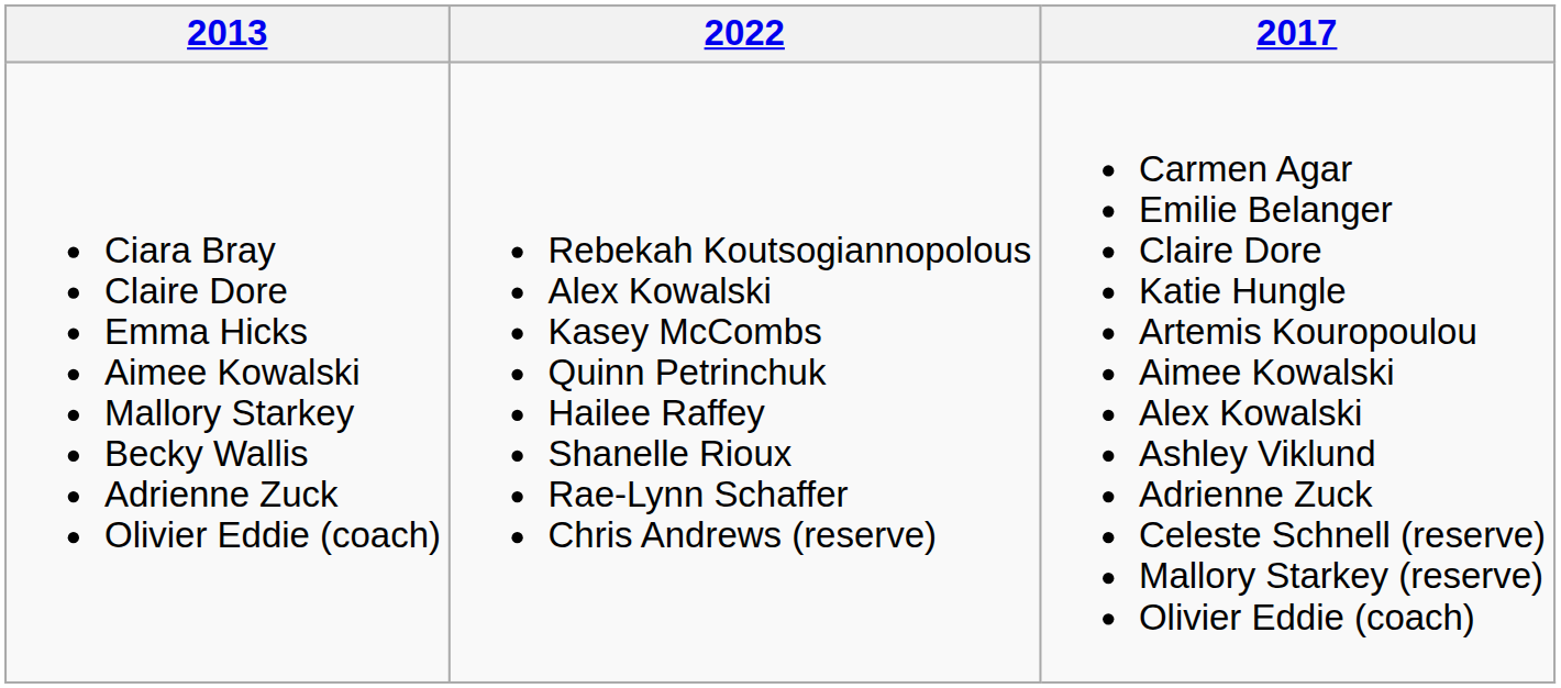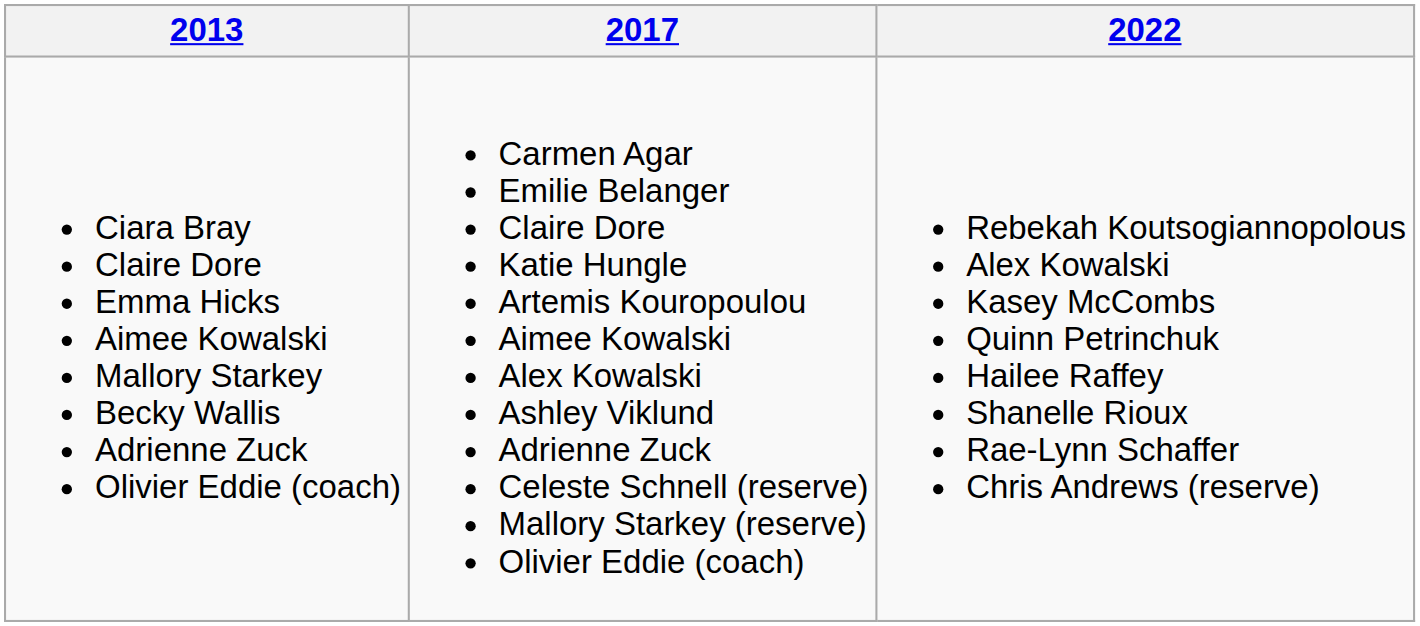 <table class="wikitable">
 <tr>
 <th><a href='#'>2013</a></th>
+<th><a href='#'>2017</a></th>
 <th><a href='#'>2022</a></th>
-<th><a href='#'>2017</a></th>
 </tr>
 <tr>
 <td><br><ul><li>Ciara Bray</li><li>Claire Dore</li><li>Emma Hicks</li><li>Aimee Kowalski</li><li>Mallory Starkey</li><li>Becky Wallis</li><li>Adrienne Zuck</li><li>Olivier Eddie (coach)</li></ul></td>
+<td><br><ul><li>Carmen Agar</li><li>Emilie Belanger</li><li>Claire Dore</li><li>Katie Hungle</li><li>Artemis Kouropoulou</li><li>Aimee Kowalski</li><li>Alex Kowalski</li><li>Ashley Viklund</li><li>Adrienne Zuck</li><li>Celeste Schnell (reserve)</li><li>Mallory Starkey (reserve)</li><li>Olivier Eddie (coach)</li></ul></td>
 <td><br><ul><li>Rebekah Koutsogiannopolous</li><li>Alex Kowalski</li><li>Kasey McCombs</li><li>Quinn Petrinchuk</li><li>Hailee Raffey</li><li>Shanelle Rioux</li><li>Rae-Lynn Schaffer</li><li>Chris Andrews (reserve)</li></ul></td>
-<td><br><ul><li>Carmen Agar</li><li>Emilie Belanger</li><li>Claire Dore</li><li>Katie Hungle</li><li>Artemis Kouropoulou</li><li>Aimee Kowalski</li><li>Alex Kowalski</li><li>Ashley Viklund</li><li>Adrienne Zuck</li><li>Celeste Schnell (reserve)</li><li>Mallory Starkey (reserve)</li><li>Olivier Eddie (coach)</li></ul></td>
 </tr>
 </table>
